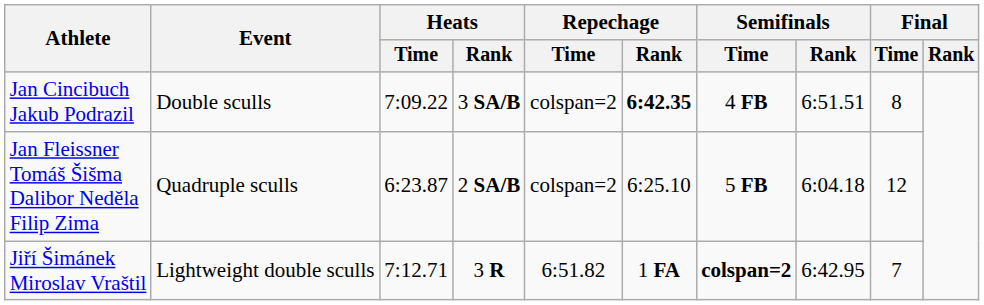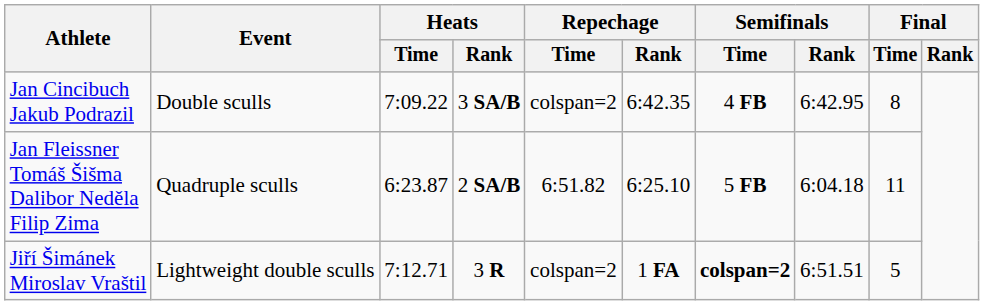 <table class="wikitable" style="font-size:90%">
 <tr>
 <th rowspan="2">Athlete</th>
 <th rowspan="2">Event</th>
 <th colspan="2">Heats</th>
 <th colspan="2">Repechage</th>
 <th colspan="2">Semifinals</th>
 <th colspan="2">Final</th>
 </tr>
 <tr style="font-size:95%">
 <th>Time</th>
 <th>Rank</th>
 <th>Time</th>
 <th>Rank</th>
 <th>Time</th>
 <th>Rank</th>
 <th>Time</th>
 <th>Rank</th>
 </tr>
 <tr align=center>
 <td align=left><a href='#'>Jan Cincibuch</a><br><a href='#'>Jakub Podrazil</a></td>
 <td align=left>Double sculls</td>
 <td>7:09.22</td>
 <td>3 <strong>SA/B</strong></td>
 <td>colspan=2</td>
-<td><strong>6:42.35</strong></td>
+<td>6:42.35</td>
 <td>4 <strong>FB</strong></td>
-<td>6:51.51</td>
+<td>6:42.95</td>
 <td>8</td>
 </tr>
 <tr align=center>
 <td align=left><a href='#'>Jan Fleissner</a><br><a href='#'>Tomáš Šišma</a><br><a href='#'>Dalibor Neděla</a><br><a href='#'>Filip Zima</a></td>
 <td align=left>Quadruple sculls</td>
 <td>6:23.87</td>
 <td>2 <strong>SA/B</strong></td>
-<td>colspan=2</td>
+<td>6:51.82</td>
 <td>6:25.10</td>
 <td>5 <strong>FB</strong></td>
 <td>6:04.18</td>
-<td>12</td>
+<td>11</td>
 </tr>
 <tr align=center>
 <td align=left><a href='#'>Jiří Šimánek</a><br><a href='#'>Miroslav Vraštil</a></td>
 <td align=left>Lightweight double sculls</td>
 <td>7:12.71</td>
 <td>3 <strong>R</strong></td>
-<td>6:51.82</td>
+<td>colspan=2</td>
 <td>1 <strong>FA</strong></td>
 <td><strong>colspan=2</strong></td>
-<td>6:42.95</td>
-<td>7</td>
+<td>6:51.51</td>
+<td>5</td>
 </tr>
 </table>
